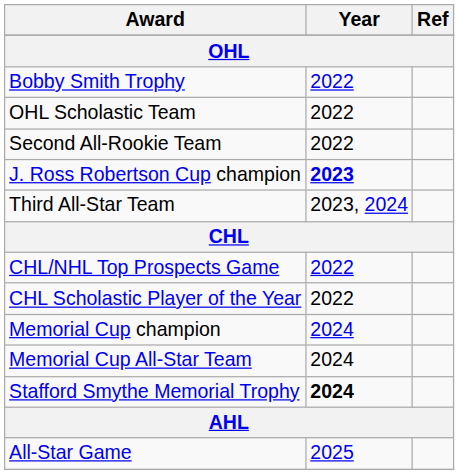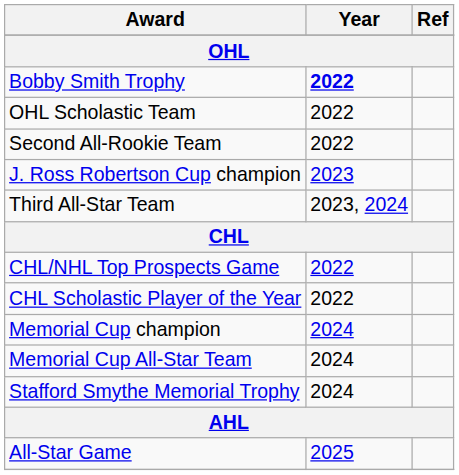 <table class="wikitable">
 <tr>
 <th>Award</th>
 <th>Year</th>
 <th>Ref</th>
 </tr>
 <tr>
 </tr>
 <tr>
 <th colspan="3"><a href='#'>OHL</a></th>
 </tr>
 <tr>
 <td><a href='#'>Bobby Smith Trophy</a></td>
-<td><a href='#'>2022</a></td>
+<td><strong><a href='#'>2022</a></strong></td>
 <td></td>
 </tr>
 <tr>
 <td>OHL Scholastic Team</td>
 <td>2022</td>
 <td></td>
 </tr>
 <tr>
 <td>Second All-Rookie Team</td>
 <td>2022</td>
 <td></td>
 </tr>
 <tr>
 <td><a href='#'>J. Ross Robertson Cup</a> champion</td>
-<td><strong><a href='#'>2023</a></strong></td>
+<td><a href='#'>2023</a></td>
 <td></td>
 </tr>
 <tr>
 <td>Third All-Star Team</td>
 <td>2023, <a href='#'>2024</a></td>
 <td></td>
 </tr>
 <tr>
 <th colspan="3"><a href='#'>CHL</a></th>
 </tr>
 <tr>
 <td><a href='#'>CHL/NHL Top Prospects Game</a></td>
 <td><a href='#'>2022</a></td>
 <td></td>
 </tr>
 <tr>
 <td><a href='#'>CHL Scholastic Player of the Year</a></td>
 <td>2022</td>
 <td></td>
 </tr>
 <tr>
 <td><a href='#'>Memorial Cup</a> champion</td>
 <td><a href='#'>2024</a></td>
 <td></td>
 </tr>
 <tr>
 <td><a href='#'>Memorial Cup All-Star Team</a></td>
 <td>2024</td>
 <td></td>
 </tr>
 <tr>
 <td><a href='#'>Stafford Smythe Memorial Trophy</a></td>
-<td><strong>2024</strong></td>
+<td>2024</td>
 <td></td>
 </tr>
 <tr>
 <th colspan="3"><a href='#'>AHL</a></th>
 </tr>
 <tr>
 <td><a href='#'>All-Star Game</a></td>
 <td><a href='#'>2025</a></td>
 <td></td>
 </tr>
 <tr>
 </tr>
 </table>
